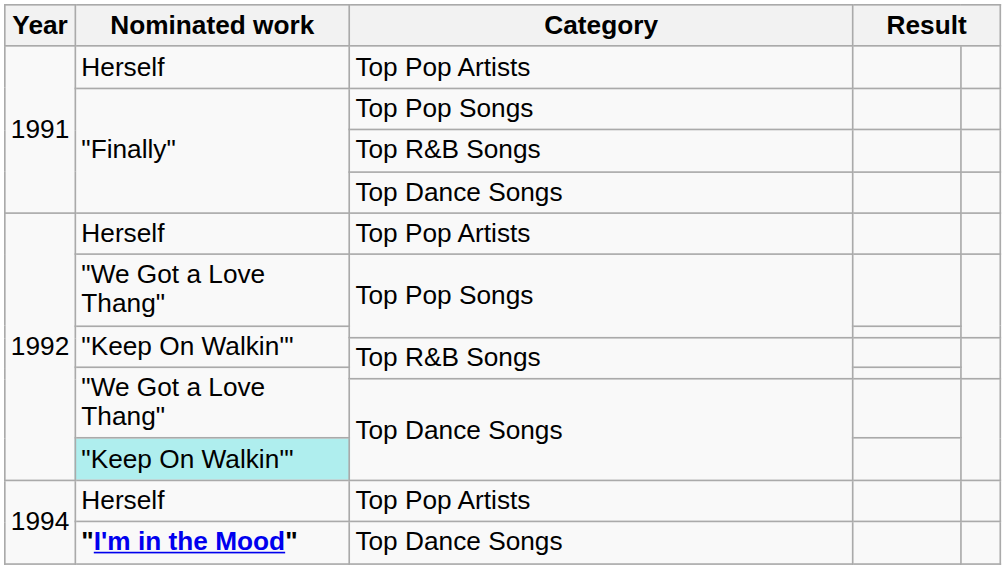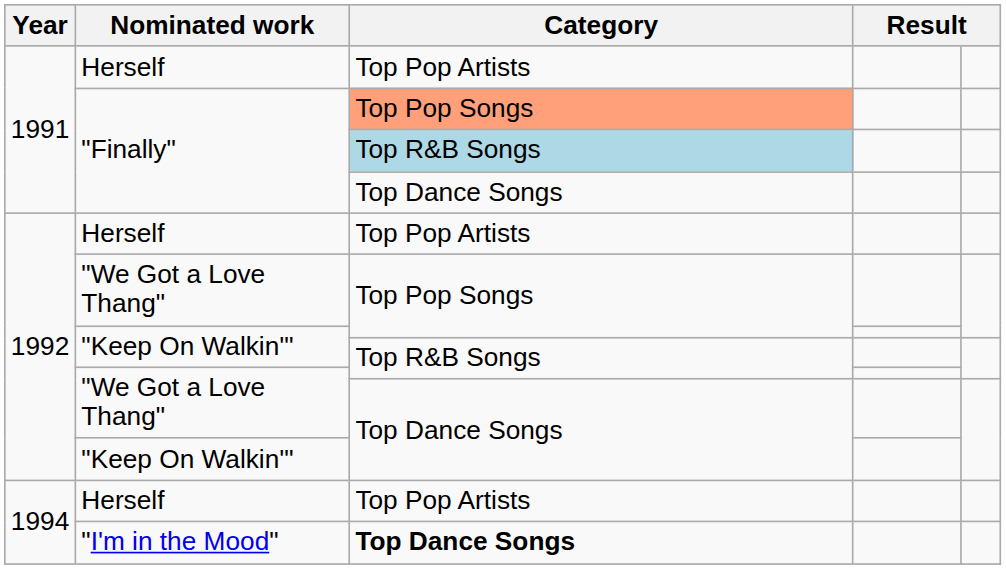 <table class=wikitable>
 <tr>
 <th width=5%>Year</th>
 <th width=28%>Nominated work</th>
 <th width=52%>Category</th>
 <th width=15% colspan=2>Result</th>
 </tr>
 <tr>
 <td rowspan=4>1991</td>
 <td>Herself</td>
 <td>Top Pop Artists</td>
 <td></td>
 <td width=4% align=center></td>
 </tr>
 <tr>
 <td rowspan=3>"Finally"</td>
-<td>Top Pop Songs</td>
+<td style="background: lightsalmon;">Top Pop Songs</td>
 <td></td>
 <td width=4% align=center></td>
 </tr>
 <tr>
-<td>Top R&B Songs</td>
+<td style="background: lightblue;">Top R&B Songs</td>
 <td></td>
 <td width=4% align=center></td>
 </tr>
 <tr>
 <td>Top Dance Songs</td>
 <td></td>
 <td width=4% align=center></td>
 </tr>
 <tr>
 <td rowspan=7>1992</td>
 <td>Herself</td>
 <td>Top Pop Artists</td>
 <td></td>
 <td width=4% align=center></td>
 </tr>
 <tr>
 <td>"We Got a Love Thang"</td>
 <td rowspan=2>Top Pop Songs</td>
 <td></td>
 <td width=4% align=center rowspan=2></td>
 </tr>
 <tr>
 <td rowspan=2>"Keep On Walkin'"</td>
 <td></td>
 </tr>
 <tr>
 <td rowspan=2>Top R&B Songs</td>
 <td></td>
 <td width=4% align=center rowspan=2></td>
 </tr>
 <tr>
 <td rowspan=2>"We Got a Love Thang"</td>
 <td></td>
 </tr>
 <tr>
 <td rowspan=2>Top Dance Songs</td>
 <td></td>
 <td width=4% align=center rowspan=2></td>
 </tr>
 <tr>
-<td style="background: paleturquoise;">"Keep On Walkin'"</td>
+<td>"Keep On Walkin'"</td>
 <td></td>
 </tr>
 <tr>
 <td rowspan=2>1994</td>
 <td>Herself</td>
 <td>Top Pop Artists</td>
 <td></td>
 <td width=4% align=center></td>
 </tr>
 <tr>
-<td><strong>"<a href='#'>I'm in the Mood</a>"</strong></td>
-<td>Top Dance Songs</td>
+<td>"<a href='#'>I'm in the Mood</a>"</td>
+<td><strong>Top Dance Songs</strong></td>
 <td></td>
 <td width=4% align=center></td>
 </tr>
 </table>
